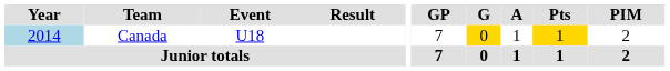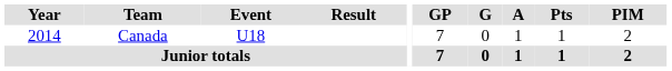 <table border="0" cellpadding="1" cellspacing="0" ID="Table3" style="text-align:center; width:40em">
 <tr ALIGN="center" bgcolor="#e0e0e0">
 <th>Year</th>
 <th>Team</th>
 <th>Event</th>
 <th>Result</th>
 <th rowspan="102" bgcolor="#ffffff"></th>
 <th>GP</th>
 <th>G</th>
 <th>A</th>
 <th>Pts</th>
 <th>PIM</th>
 </tr>
 <tr>
-<td style="background: lightblue;"><a href='#'>2014</a></td>
+<td><a href='#'>2014</a></td>
 <td><a href='#'>Canada</a></td>
 <td><a href='#'>U18</a></td>
 <td></td>
 <td>7</td>
-<td style="background: gold;">0</td>
+<td>0</td>
 <td>1</td>
-<td style="background: gold;">1</td>
+<td>1</td>
 <td>2</td>
 </tr>
 <tr bgcolor="#e0e0e0">
 <th colspan="4">Junior totals</th>
 <th>7</th>
 <th>0</th>
 <th>1</th>
 <th>1</th>
 <th>2</th>
 </tr>
 </table>
